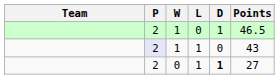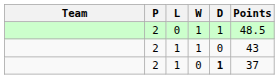 <table class="wikitable">
 <tr>
 <th width=165>Team</th>
 <th width=20>P</th>
+<th width=20>L</th>
 <th width=20>W</th>
-<th width=20>L</th>
 <th width=20>D</th>
 <th width=20>Points</th>
 </tr>
 <tr align=center bgcolor=ccffcc>
 <td style="text-align:left;"></td>
 <td>2</td>
-<td>1</td>
 <td>0</td>
 <td>1</td>
-<td>46.5</td>
+<td>1</td>
+<td>48.5</td>
 </tr>
 <tr align=center>
 <td style="text-align:left;"></td>
-<td style="background: lavender;">2</td>
+<td>2</td>
 <td>1</td>
 <td>1</td>
 <td>0</td>
 <td>43</td>
 </tr>
 <tr align=center>
 <td style="text-align:left;"></td>
 <td>2</td>
+<td>1</td>
 <td>0</td>
-<td>1</td>
 <td><strong>1</strong></td>
-<td>27</td>
+<td>37</td>
 </tr>
 </table>
